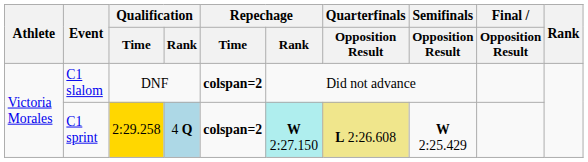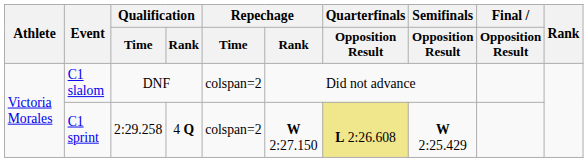 <table class="wikitable" style="font-size:90%;">
 <tr>
 <th rowspan=2>Athlete</th>
 <th rowspan=2>Event</th>
 <th colspan=2>Qualification</th>
 <th colspan=2>Repechage</th>
 <th>Quarterfinals</th>
 <th>Semifinals</th>
 <th>Final / </th>
 <th rowspan=2>Rank</th>
 </tr>
 <tr style="font-size:95%">
 <th>Time</th>
 <th>Rank</th>
 <th>Time</th>
 <th>Rank</th>
 <th>Opposition <br>Result</th>
 <th>Opposition <br>Result</th>
 <th>Opposition <br>Result</th>
 </tr>
 <tr align=center>
 <td rowspan=2 align=left><a href='#'>Victoria Morales</a></td>
 <td align=left><a href='#'>C1 slalom</a></td>
 <td colspan=2>DNF</td>
-<td><strong>colspan=2 </strong></td>
+<td>colspan=2 </td>
 <td colspan=3>Did not advance</td>
 <td></td>
 </tr>
 <tr align=center>
 <td align=left><a href='#'>C1 sprint</a></td>
-<td style="background: gold;">2:29.258</td>
-<td style="background: lightblue;">4 <strong>Q</strong></td>
-<td><strong>colspan=2 </strong></td>
-<td style="background: paleturquoise;"><br><strong>W</strong> 2:27.150</td>
+<td>2:29.258</td>
+<td>4 <strong>Q</strong></td>
+<td>colspan=2 </td>
+<td><br><strong>W</strong> 2:27.150</td>
 <td style="background: khaki;"><br><strong>L</strong> 2:26.608</td>
 <td><br><strong>W</strong> 2:25.429</td>
 <td></td>
 </tr>
 </table>
